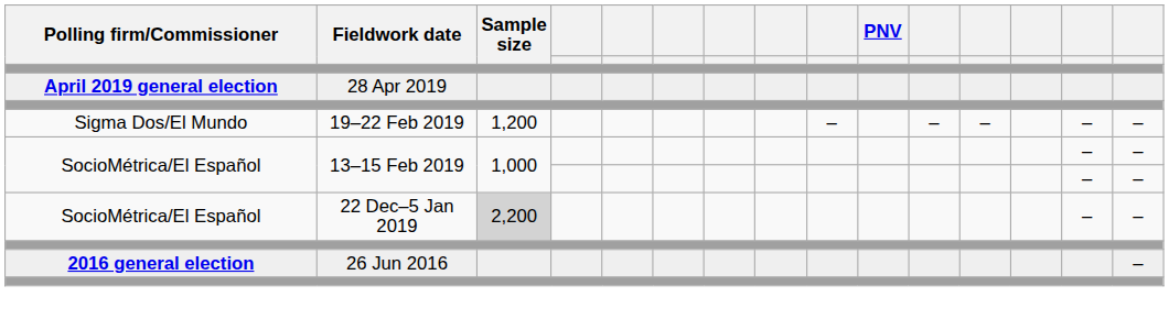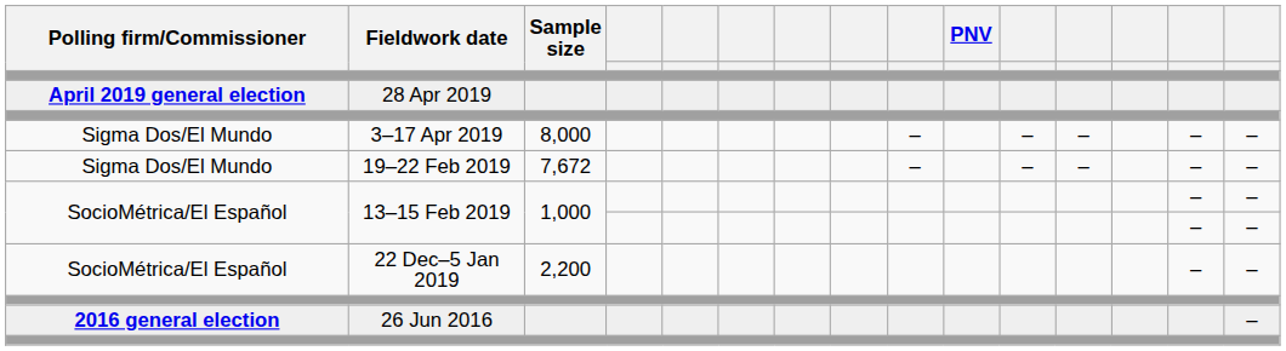 <table class="wikitable collapsible" style="text-align:center; font-size:95%; line-height:16px;">
 <tr style="height:42px;">
 <th style="width:250px;" rowspan="2">Polling firm/Commissioner</th>
 <th style="width:125px;" rowspan="2">Fieldwork date</th>
 <th style="width:50px;" rowspan="2">Sample size</th>
 <th style="width:35px;"></th>
 <th style="width:35px;"></th>
 <th style="width:35px;"></th>
 <th style="width:35px;"></th>
 <th style="width:35px;"></th>
 <th style="width:35px;"></th>
 <th style="width:35px;"><a href='#'>PNV</a></th>
 <th style="width:35px;"></th>
 <th style="width:35px;"></th>
 <th style="width:35px;"></th>
 <th style="width:35px;"></th>
 <th style="width:35px;"></th>
 </tr>
 <tr>
 <th style="color:inherit;background:"></th>
 <th style="color:inherit;background:"></th>
 <th style="color:inherit;background:"></th>
 <th style="color:inherit;background:"></th>
 <th style="color:inherit;background:"></th>
 <th style="color:inherit;background:"></th>
 <th style="color:inherit;background:"></th>
 <th style="color:inherit;background:"></th>
 <th style="color:inherit;background:"></th>
 <th style="color:inherit;background:"></th>
 <th style="color:inherit;background:"></th>
 <th style="color:inherit;background:"></th>
 </tr>
 <tr>
 <td colspan="15" style="background:#A0A0A0"></td>
 </tr>
 <tr style="background:#EFEFEF;">
 <td><strong><a href='#'>April 2019 general election</a></strong></td>
 <td>28 Apr 2019</td>
 <td></td>
 <td></td>
 <td></td>
 <td></td>
 <td></td>
 <td></td>
 <td></td>
 <td></td>
 <td></td>
 <td></td>
 <td></td>
 <td></td>
 <td></td>
 </tr>
 <tr>
 <td colspan="15" style="background:#A0A0A0"></td>
 </tr>
 <tr>
 <td>Sigma Dos/El Mundo</td>
+<td>3–17 Apr 2019</td>
+<td>8,000</td>
+<td></td>
+<td></td>
+<td></td>
+<td></td>
+<td></td>
+<td>–</td>
+<td></td>
+<td>–</td>
+<td>–</td>
+<td></td>
+<td>–</td>
+<td>–</td>
+</tr>
+<tr>
+<td>Sigma Dos/El Mundo</td>
 <td>19–22 Feb 2019</td>
-<td>1,200</td>
+<td>7,672</td>
 <td></td>
 <td></td>
 <td></td>
 <td></td>
 <td></td>
 <td>–</td>
 <td></td>
 <td>–</td>
 <td>–</td>
 <td></td>
 <td>–</td>
 <td>–</td>
 </tr>
 <tr>
 <td rowspan="2">SocioMétrica/El Español</td>
 <td rowspan="2">13–15 Feb 2019</td>
 <td rowspan="2">1,000</td>
 <td></td>
 <td></td>
 <td></td>
 <td></td>
 <td></td>
 <td></td>
 <td></td>
 <td></td>
 <td></td>
 <td></td>
 <td>–</td>
 <td>–</td>
 </tr>
 <tr>
 <td></td>
 <td></td>
 <td></td>
 <td></td>
 <td></td>
 <td></td>
 <td></td>
 <td></td>
 <td></td>
 <td></td>
 <td>–</td>
 <td>–</td>
 </tr>
 <tr>
 <td>SocioMétrica/El Español</td>
 <td>22 Dec–5 Jan 2019</td>
-<td style="background: lightgrey;">2,200</td>
+<td>2,200</td>
 <td></td>
 <td></td>
 <td></td>
 <td></td>
 <td></td>
 <td></td>
 <td></td>
 <td></td>
 <td></td>
 <td></td>
 <td>–</td>
 <td>–</td>
 </tr>
 <tr>
 <td colspan="15" style="background:#A0A0A0"></td>
 </tr>
 <tr style="background:#EFEFEF;">
 <td><strong><a href='#'>2016 general election</a></strong></td>
 <td>26 Jun 2016</td>
 <td></td>
 <td></td>
 <td></td>
 <td></td>
 <td></td>
 <td></td>
 <td></td>
 <td></td>
 <td></td>
 <td></td>
 <td></td>
 <td></td>
 <td>–</td>
 </tr>
 <tr>
 <td colspan="15" style="background:#A0A0A0"></td>
 </tr>
 </table>
